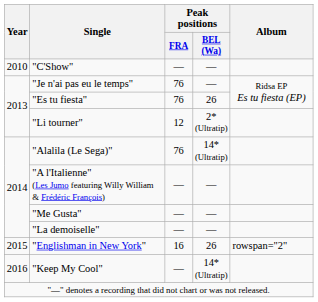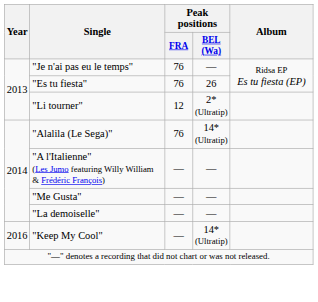 <table class="wikitable">
 <tr>
 <th align="center" rowspan="2" width="10">Year</th>
 <th align="center" rowspan="2" width="200">Single</th>
 <th align="center" colspan="2" width="30">Peak positions</th>
 <th align="center" rowspan="2" width="120">Album</th>
 </tr>
 <tr>
 <th scope="col" style="width:2.5em;font-size:90%;"><a href='#'>FRA</a><br></th>
 <th scope="col" style="width:2.5em;font-size:90%;"><a href='#'>BEL<br>(Wa)</a><br></th>
-</tr>
-<tr>
-<td align="center">2010</td>
-<td>"C'Show"<br></td>
-<td align="center">—</td>
-<td align="center">—</td>
-<td align="center"></td>
 </tr>
 <tr>
 <td align="center" rowspan=3>2013</td>
 <td>"Je n'ai pas eu le temps"<br></td>
 <td align="center">76</td>
 <td align="center">—</td>
 <td align="center" rowspan=2><small>Ridsa EP</small><br><em>Es tu fiesta (EP)</em></td>
 </tr>
 <tr>
 <td>"Es tu fiesta"<br></td>
 <td align="center">76</td>
 <td align="center">26</td>
 </tr>
 <tr>
 <td>"Li tourner"<br></td>
 <td align="center">12</td>
 <td align="center">2*<br><small>(Ultratip)</small></td>
 <td align="center"></td>
 </tr>
 <tr>
 <td align="center" rowspan=4>2014</td>
 <td>"Alalila (Le Sega)"<br></td>
 <td align="center">76</td>
 <td align="center">14*<br><small>(Ultratip)</small></td>
 <td align="center"></td>
 </tr>
 <tr>
 <td>"A l'Italienne"<br><small>(<a href='#'>Les Jumo</a> featuring Willy William & <a href='#'>Frédéric François</a>)</small></td>
 <td align="center">—</td>
 <td align="center">—</td>
 <td align="center"></td>
 </tr>
 <tr>
 <td>"Me Gusta"<br></td>
 <td align="center">—</td>
 <td align="center">—</td>
 <td align="center"></td>
 </tr>
 <tr>
 <td>"La demoiselle"<br></td>
 <td align="center">—</td>
 <td align="center">—</td>
 <td align="center"></td>
 </tr>
 <tr>
-<td align="center">2015</td>
-<td>"<a href='#'>Englishman in New York</a>"<br></td>
-<td align="center">16</td>
-<td align="center">26</td>
-<td>rowspan="2" </td>
-</tr>
-<tr>
 <td align="center">2016</td>
 <td>"Keep My Cool"<br></td>
 <td align="center">—</td>
 <td align="center">14*<br><small>(Ultratip)</small></td>
 </tr>
 <tr>
 <td colspan="5" style="font-size:85%;text-align:center">"—" denotes a recording that did not chart or was not released.</td>
 </tr>
 </table>
